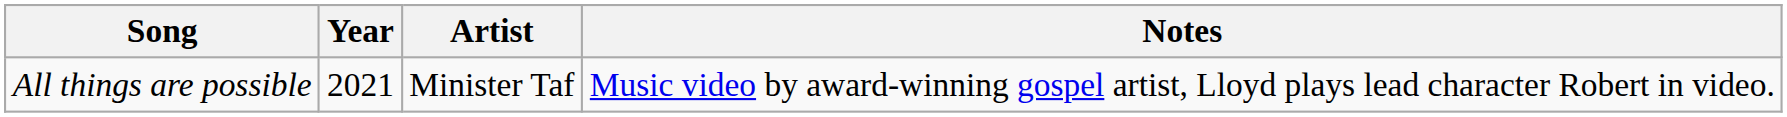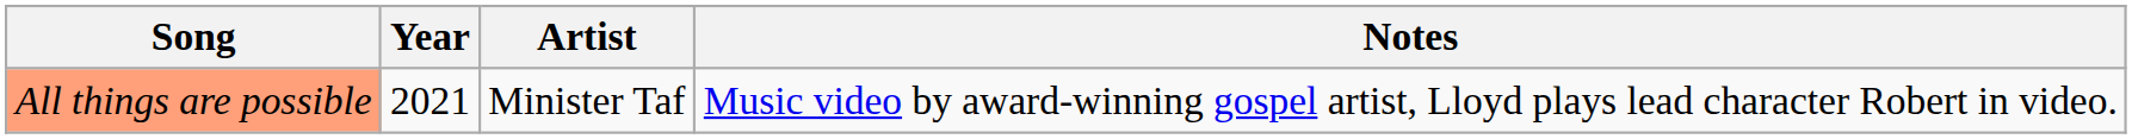 <table class="wikitable sortable">
 <tr>
 <th>Song</th>
 <th>Year</th>
 <th>Artist</th>
 <th class="unsortable">Notes</th>
 </tr>
 <tr>
-<td><em>All things are possible</em></td>
+<td style="background: lightsalmon;"><em>All things are possible</em></td>
 <td>2021</td>
 <td>Minister Taf</td>
 <td><a href='#'>Music video</a> by award-winning <a href='#'>gospel</a> artist, Lloyd plays lead character Robert in video.</td>
 </tr>
 </table>
